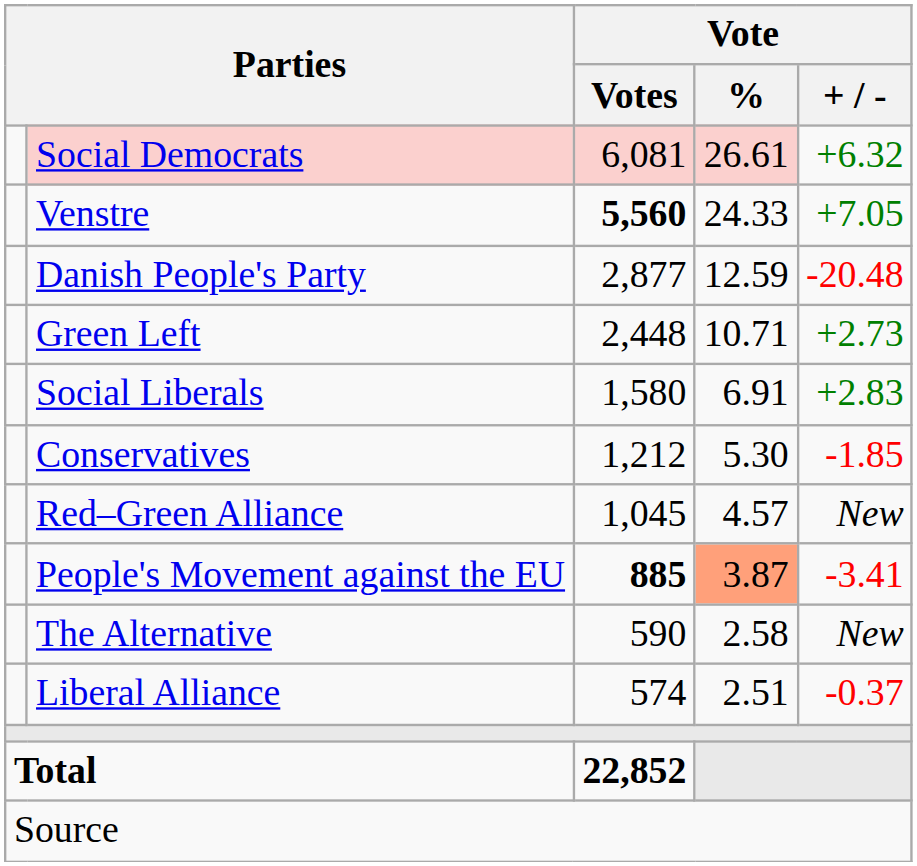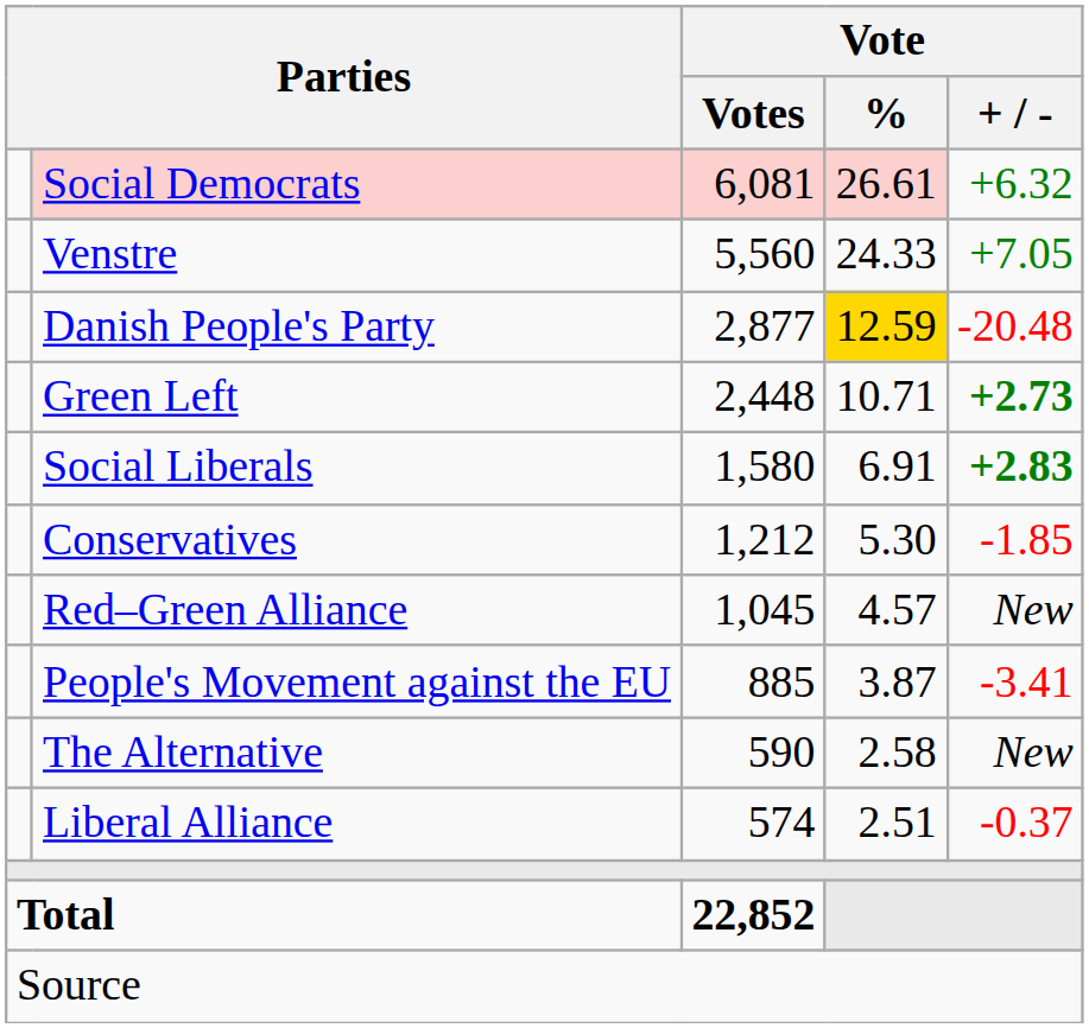 <table class="wikitable" style="text-align:right;">
 <tr>
 <th style="text-align:centre;" rowspan="2" colspan="2" width="225">Parties</th>
 <th colspan="3">Vote</th>
 </tr>
 <tr>
 <th width="15">Votes</th>
 <th width="15">%</th>
 <th width="15">+ / -</th>
 </tr>
 <tr>
 <td width="2" style="color:inherit;background:"></td>
 <td bgcolor=#fbd0ce   align="left"><a href='#'>Social Democrats</a></td>
 <td bgcolor=#fbd0ce>6,081</td>
 <td bgcolor=#fbd0ce>26.61</td>
 <td style=color:green;>+6.32</td>
 </tr>
 <tr>
 <td width="2" style="color:inherit;background:"></td>
 <td align="left"><a href='#'>Venstre</a></td>
-<td><strong>5,560</strong></td>
+<td>5,560</td>
 <td>24.33</td>
 <td style=color:green;>+7.05</td>
 </tr>
 <tr>
 <td width="2" style="color:inherit;background:"></td>
 <td align="left"><a href='#'>Danish People's Party</a></td>
 <td>2,877</td>
-<td>12.59</td>
+<td style="background: gold;">12.59</td>
 <td style=color:red;>-20.48</td>
 </tr>
 <tr>
 <td width="2" style="color:inherit;background:"></td>
 <td align="left"><a href='#'>Green Left</a></td>
 <td>2,448</td>
 <td>10.71</td>
-<td style=color:green;>+2.73</td>
+<td style=color:green;><strong>+2.73</strong></td>
 </tr>
 <tr>
 <td width="2" style="color:inherit;background:"></td>
 <td align="left"><a href='#'>Social Liberals</a></td>
 <td>1,580</td>
 <td>6.91</td>
-<td style=color:green;>+2.83</td>
+<td style=color:green;><strong>+2.83</strong></td>
 </tr>
 <tr>
 <td width="2" style="color:inherit;background:"></td>
 <td align="left"><a href='#'>Conservatives</a></td>
 <td>1,212</td>
 <td>5.30</td>
 <td style=color:red;>-1.85</td>
 </tr>
 <tr>
 <td width="2" style="color:inherit;background:"></td>
 <td align="left"><a href='#'>Red–Green Alliance</a></td>
 <td>1,045</td>
 <td>4.57</td>
 <td><em>New</em></td>
 </tr>
 <tr>
 <td width="2" style="color:inherit;background:"></td>
 <td align="left"><a href='#'>People's Movement against the EU</a></td>
-<td><strong>885</strong></td>
-<td style="background: lightsalmon;">3.87</td>
+<td>885</td>
+<td>3.87</td>
 <td style=color:red;>-3.41</td>
 </tr>
 <tr>
 <td width="2" style="color:inherit;background:"></td>
 <td align="left"><a href='#'>The Alternative</a></td>
 <td>590</td>
 <td>2.58</td>
 <td><em>New</em></td>
 </tr>
 <tr>
 <td width="2" style="color:inherit;background:"></td>
 <td align="left"><a href='#'>Liberal Alliance</a></td>
 <td>574</td>
 <td>2.51</td>
 <td style=color:red;>-0.37</td>
 </tr>
 <tr>
 <td colspan="7" bgcolor="#E9E9E9"></td>
 </tr>
 <tr>
 <td align="left" colspan="2"><strong>Total</strong></td>
 <td><strong>22,852</strong></td>
 <td bgcolor="#E9E9E9" colspan="2"></td>
 </tr>
 <tr>
 <td align="left" colspan="6">Source</td>
 </tr>
 </table>
